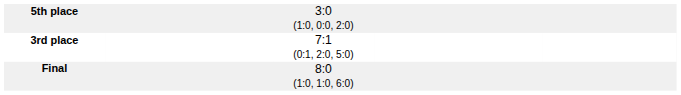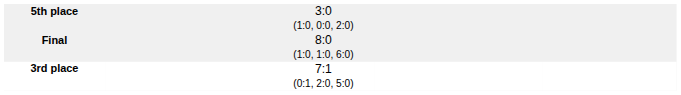 <table style="width: 70%; background: #F0F0F0;" cellspacing="0">
 <tr valign="top">
 <td align="center" width="15%" style="font-size:90%;"><strong>5th place</strong></td>
 <td width="25%" align="right"></td>
 <td width="15%" align="center">3:0<br><small>(1:0, 0:0, 2:0)</small></td>
 <td width="25%" align="left"></td>
+<td style="font-size:85%;"></td>
+</tr>
+<tr valign="top">
+<td align="center" style="font-size:90%;"><strong>Final</strong></td>
+<td align="right"></td>
+<td align="center">8:0<br><small>(1:0, 1:0, 6:0)</small></td>
+<td align="left"></td>
 <td style="font-size:85%;"></td>
 </tr>
 <tr style="background: #FFFFFF;" valign="top">
 <td align="center" style="font-size:90%;"><strong>3rd place</strong></td>
 <td align="right"></td>
 <td align="center">7:1<br><small>(0:1, 2:0, 5:0)</small></td>
 <td align="left"></td>
 <td style="font-size:85%;"></td>
 </tr>
-<tr valign="top">
-<td align="center" style="font-size:90%;"><strong>Final</strong></td>
-<td align="right"></td>
-<td align="center">8:0<br><small>(1:0, 1:0, 6:0)</small></td>
-<td align="left"></td>
-<td style="font-size:85%;"></td>
-</tr>
 </table>
